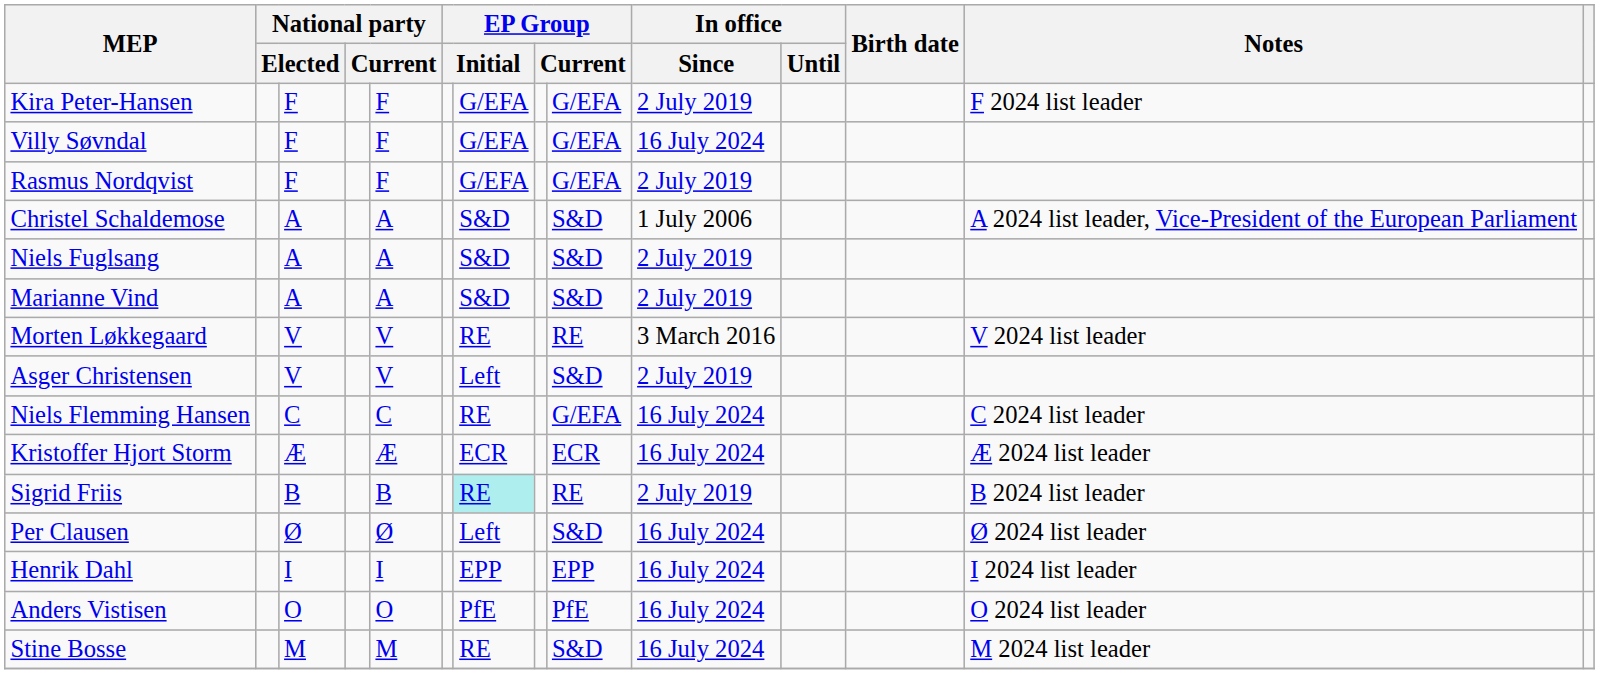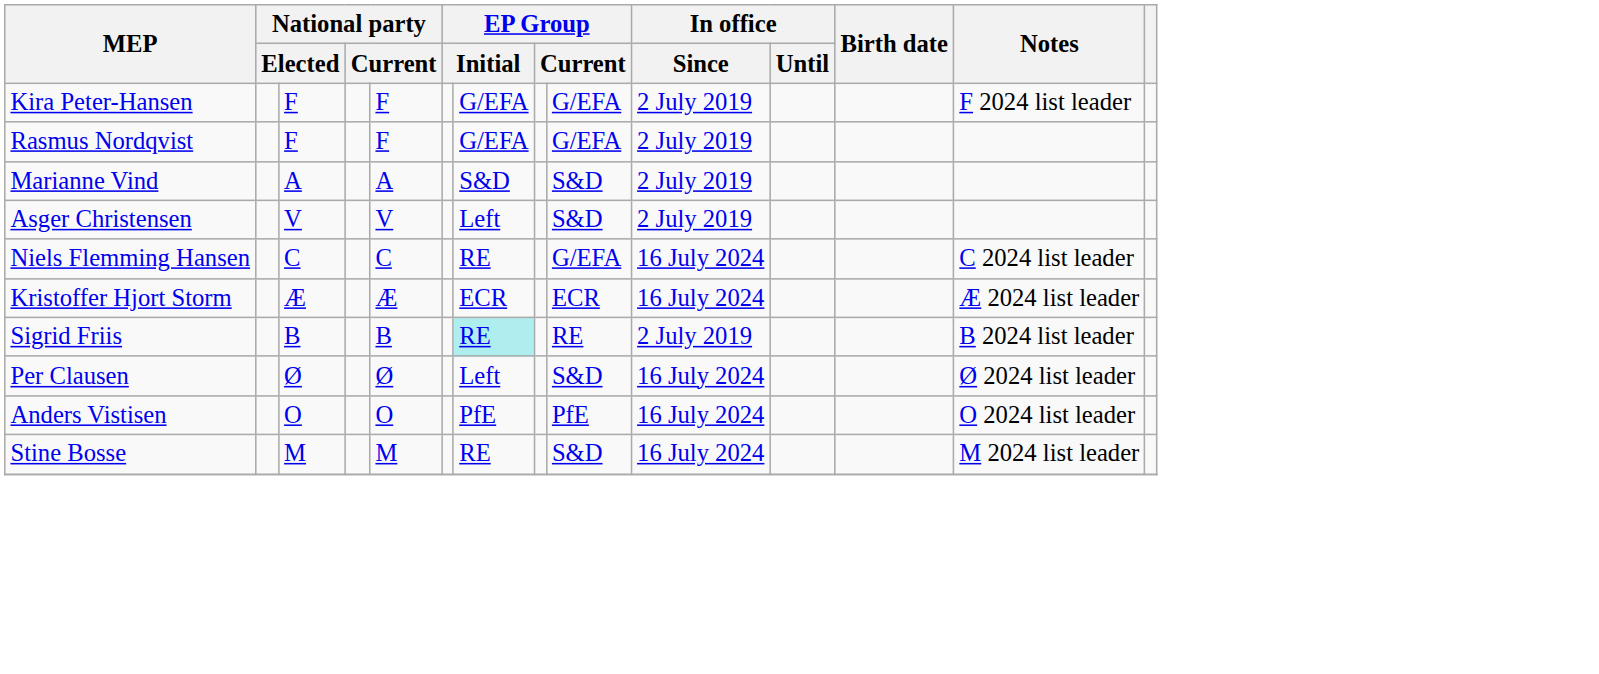 <table class="wikitable sortable" style="text-align:left">
 <tr>
 <th rowspan="2">MEP</th>
 <th colspan="4">National party</th>
 <th colspan="4"><a href='#'>EP Group</a></th>
 <th colspan="2">In office</th>
 <th rowspan="2">Birth date</th>
 <th rowspan="2">Notes</th>
 <th rowspan="2" class="unsortable"></th>
 </tr>
 <tr>
 <th colspan="2">Elected</th>
 <th colspan="2">Current</th>
 <th colspan="2">Initial</th>
 <th colspan="2">Current</th>
 <th>Since</th>
 <th>Until</th>
 </tr>
 <tr>
 <td><a href='#'>Kira Peter-Hansen</a></td>
 <td style="background: "></td>
 <td><a href='#'>F</a></td>
 <td style="background: "></td>
 <td><a href='#'>F</a></td>
 <td style="background: "></td>
 <td><a href='#'>G/EFA</a></td>
 <td style="background: "></td>
 <td><a href='#'>G/EFA</a></td>
 <td><a href='#'>2 July 2019</a></td>
 <td></td>
 <td></td>
 <td><a href='#'>F</a> 2024 list leader</td>
 <td></td>
 </tr>
 <tr>
-<td><a href='#'>Villy Søvndal</a></td>
-<td style="background: "></td>
-<td><a href='#'>F</a></td>
-<td style="background: "></td>
-<td><a href='#'>F</a></td>
-<td style="background: "></td>
-<td><a href='#'>G/EFA</a></td>
-<td style="background: "></td>
-<td><a href='#'>G/EFA</a></td>
-<td><a href='#'>16 July 2024</a></td>
-<td></td>
-<td></td>
-<td></td>
-<td></td>
-</tr>
-<tr>
 <td><a href='#'>Rasmus Nordqvist</a></td>
 <td style="background: "></td>
 <td><a href='#'>F</a></td>
 <td style="background: "></td>
 <td><a href='#'>F</a></td>
 <td style="background: "></td>
 <td><a href='#'>G/EFA</a></td>
 <td style="background: "></td>
 <td><a href='#'>G/EFA</a></td>
-<td><a href='#'>2 July 2019</a></td>
-<td></td>
-<td></td>
-<td></td>
-<td></td>
-</tr>
-<tr>
-<td><a href='#'>Christel Schaldemose</a></td>
-<td style="background: "></td>
-<td><a href='#'>A</a></td>
-<td style="background: "></td>
-<td><a href='#'>A</a></td>
-<td style="background: "></td>
-<td><a href='#'>S&D</a></td>
-<td style="background: "></td>
-<td><a href='#'>S&D</a></td>
-<td>1 July 2006</td>
-<td></td>
-<td></td>
-<td><a href='#'>A</a> 2024 list leader, <a href='#'>Vice-President of the European Parliament</a></td>
-<td></td>
-</tr>
-<tr>
-<td><a href='#'>Niels Fuglsang</a></td>
-<td style="background: "></td>
-<td><a href='#'>A</a></td>
-<td style="background: "></td>
-<td><a href='#'>A</a></td>
-<td style="background: "></td>
-<td><a href='#'>S&D</a></td>
-<td style="background: "></td>
-<td><a href='#'>S&D</a></td>
 <td><a href='#'>2 July 2019</a></td>
 <td></td>
 <td></td>
 <td></td>
 <td></td>
 </tr>
 <tr>
 <td><a href='#'>Marianne Vind</a></td>
 <td style="background: "></td>
 <td><a href='#'>A</a></td>
 <td style="background: "></td>
 <td><a href='#'>A</a></td>
 <td style="background: "></td>
 <td><a href='#'>S&D</a></td>
 <td style="background: "></td>
 <td><a href='#'>S&D</a></td>
 <td><a href='#'>2 July 2019</a></td>
 <td></td>
 <td></td>
 <td></td>
-<td></td>
-</tr>
-<tr>
-<td><a href='#'>Morten Løkkegaard</a></td>
-<td style="background: "></td>
-<td><a href='#'>V</a></td>
-<td style="background: "></td>
-<td><a href='#'>V</a></td>
-<td style="background: "></td>
-<td><a href='#'>RE</a></td>
-<td style="background: "></td>
-<td><a href='#'>RE</a></td>
-<td>3 March 2016</td>
-<td></td>
-<td></td>
-<td><a href='#'>V</a> 2024 list leader</td>
 <td></td>
 </tr>
 <tr>
 <td><a href='#'>Asger Christensen</a></td>
 <td style="background: "></td>
 <td><a href='#'>V</a></td>
 <td style="background: "></td>
 <td><a href='#'>V</a></td>
 <td style="background: "></td>
 <td><a href='#'>Left</a></td>
 <td style="background: "></td>
 <td><a href='#'>S&D</a></td>
 <td><a href='#'>2 July 2019</a></td>
 <td></td>
 <td></td>
 <td></td>
 <td></td>
 </tr>
 <tr>
 <td><a href='#'>Niels Flemming Hansen</a></td>
 <td style="background: "></td>
 <td><a href='#'>C</a></td>
 <td style="background: "></td>
 <td><a href='#'>C</a></td>
 <td style="background: "></td>
 <td><a href='#'>RE</a></td>
 <td style="background: "></td>
 <td><a href='#'>G/EFA</a></td>
 <td><a href='#'>16 July 2024</a></td>
 <td></td>
 <td></td>
 <td><a href='#'>C</a> 2024 list leader</td>
 <td></td>
 </tr>
 <tr>
 <td><a href='#'>Kristoffer Hjort Storm</a></td>
 <td style="background: "></td>
 <td><a href='#'>Æ</a></td>
 <td style="background: "></td>
 <td><a href='#'>Æ</a></td>
 <td style="background: "></td>
 <td><a href='#'>ECR</a></td>
 <td style="background: "></td>
 <td><a href='#'>ECR</a></td>
 <td><a href='#'>16 July 2024</a></td>
 <td></td>
 <td></td>
 <td><a href='#'>Æ</a> 2024 list leader</td>
 <td></td>
 </tr>
 <tr>
 <td><a href='#'>Sigrid Friis</a></td>
 <td style="background: "></td>
 <td><a href='#'>B</a></td>
 <td style="background: "></td>
 <td><a href='#'>B</a></td>
 <td style="background: "></td>
 <td style="background: paleturquoise;"><a href='#'>RE</a></td>
 <td style="background: "></td>
 <td><a href='#'>RE</a></td>
 <td><a href='#'>2 July 2019</a></td>
 <td></td>
 <td></td>
 <td><a href='#'>B</a> 2024 list leader</td>
 <td></td>
 </tr>
 <tr>
 <td><a href='#'>Per Clausen</a></td>
 <td style="background: "></td>
 <td><a href='#'>Ø</a></td>
 <td style="background: "></td>
 <td><a href='#'>Ø</a></td>
 <td style="background: "></td>
 <td><a href='#'>Left</a></td>
 <td style="background: "></td>
 <td><a href='#'>S&D</a></td>
 <td><a href='#'>16 July 2024</a></td>
 <td></td>
 <td></td>
 <td><a href='#'>Ø</a> 2024 list leader</td>
 <td></td>
 </tr>
 <tr>
-<td><a href='#'>Henrik Dahl</a></td>
-<td style="background: "></td>
-<td><a href='#'>I</a></td>
-<td style="background: "></td>
-<td><a href='#'>I</a></td>
-<td style="background: "></td>
-<td><a href='#'>EPP</a></td>
-<td style="background: "></td>
-<td><a href='#'>EPP</a></td>
-<td><a href='#'>16 July 2024</a></td>
-<td></td>
-<td></td>
-<td><a href='#'>I</a> 2024 list leader</td>
-<td></td>
-</tr>
-<tr>
 <td><a href='#'>Anders Vistisen</a></td>
 <td style="background: "></td>
 <td><a href='#'>O</a></td>
 <td style="background: "></td>
 <td><a href='#'>O</a></td>
 <td style="background: "></td>
 <td><a href='#'>PfE</a></td>
 <td style="background: "></td>
 <td><a href='#'>PfE</a></td>
 <td><a href='#'>16 July 2024</a></td>
 <td></td>
 <td></td>
 <td><a href='#'>O</a> 2024 list leader</td>
 <td></td>
 </tr>
 <tr>
 <td><a href='#'>Stine Bosse</a></td>
 <td style="background: "></td>
 <td><a href='#'>M</a></td>
 <td style="background: "></td>
 <td><a href='#'>M</a></td>
 <td style="background: "></td>
 <td><a href='#'>RE</a></td>
 <td style="background: "></td>
 <td><a href='#'>S&D</a></td>
 <td><a href='#'>16 July 2024</a></td>
 <td></td>
 <td></td>
 <td><a href='#'>M</a> 2024 list leader</td>
 <td></td>
 </tr>
 <tr>
 </tr>
 </table>
